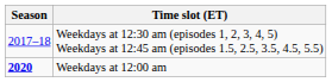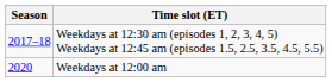 <table class="wikitable">
 <tr>
 <th>Season</th>
 <th>Time slot (ET)</th>
 </tr>
 <tr>
 <td><a href='#'>2017–18</a></td>
 <td>Weekdays at 12:30 am (episodes 1, 2, 3, 4, 5)<br>Weekdays at 12:45 am (episodes 1.5, 2.5, 3.5, 4.5, 5.5)</td>
 </tr>
 <tr>
-<td><strong><a href='#'>2020</a></strong></td>
+<td><a href='#'>2020</a></td>
 <td>Weekdays at 12:00 am</td>
 </tr>
 </table>
